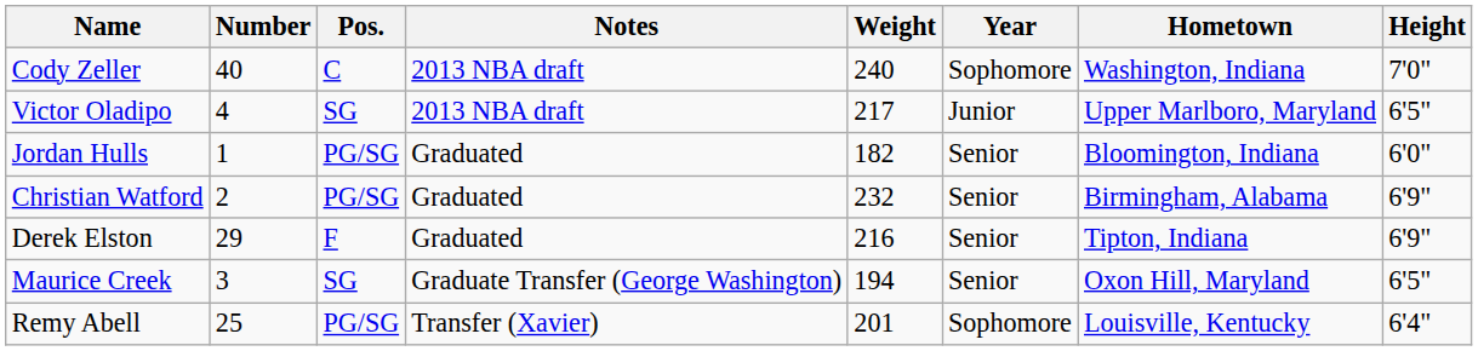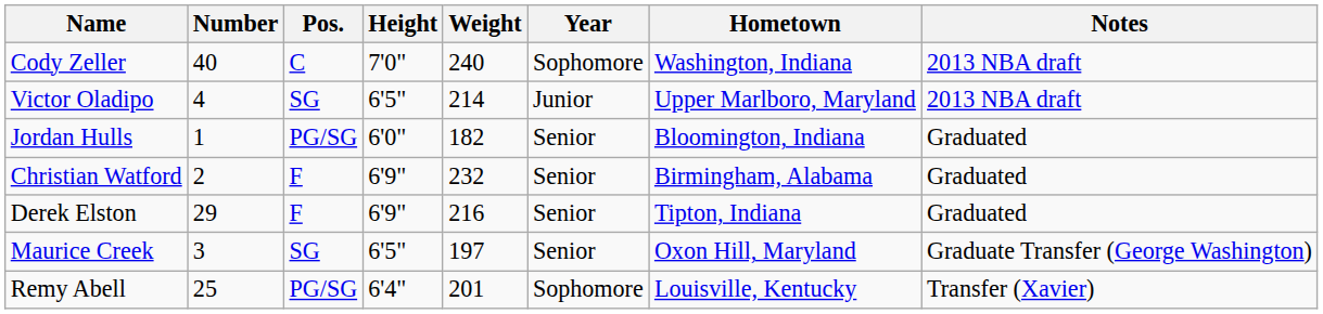 <table class="wikitable sortable" border="1">
 <tr align=center>
 <th>Name</th>
 <th>Number</th>
 <th>Pos.</th>
-<th>Notes</th>
+<th>Height</th>
 <th>Weight</th>
 <th>Year</th>
 <th>Hometown</th>
-<th>Height</th>
+<th>Notes</th>
 </tr>
 <tr>
 <td sortname><a href='#'>Cody Zeller</a></td>
 <td>40</td>
 <td><a href='#'>C</a></td>
-<td><a href='#'>2013 NBA draft</a></td>
+<td>7'0"</td>
 <td>240</td>
 <td>Sophomore</td>
 <td><a href='#'>Washington, Indiana</a></td>
-<td>7'0"</td>
+<td><a href='#'>2013 NBA draft</a></td>
 </tr>
 <tr>
 <td sortname><a href='#'>Victor Oladipo</a></td>
 <td>4</td>
 <td><a href='#'>SG</a></td>
-<td><a href='#'>2013 NBA draft</a></td>
-<td>217</td>
+<td>6'5"</td>
+<td>214</td>
 <td>Junior</td>
 <td><a href='#'>Upper Marlboro, Maryland</a></td>
-<td>6'5"</td>
+<td><a href='#'>2013 NBA draft</a></td>
 </tr>
 <tr>
 <td sortname><a href='#'>Jordan Hulls</a></td>
 <td>1</td>
 <td><a href='#'>PG/SG</a></td>
-<td>Graduated</td>
+<td>6'0"</td>
 <td>182</td>
 <td>Senior</td>
 <td><a href='#'>Bloomington, Indiana</a></td>
-<td>6'0"</td>
+<td>Graduated</td>
 </tr>
 <tr>
 <td sortname><a href='#'>Christian Watford</a></td>
 <td>2</td>
-<td><a href='#'>PG/SG</a></td>
-<td>Graduated</td>
+<td><a href='#'>F</a></td>
+<td>6'9"</td>
 <td>232</td>
 <td>Senior</td>
 <td><a href='#'>Birmingham, Alabama</a></td>
-<td>6'9"</td>
+<td>Graduated</td>
 </tr>
 <tr>
 <td sortname>Derek Elston</td>
 <td>29</td>
 <td><a href='#'>F</a></td>
-<td>Graduated</td>
+<td>6'9"</td>
 <td>216</td>
 <td>Senior</td>
 <td><a href='#'>Tipton, Indiana</a></td>
-<td>6'9"</td>
+<td>Graduated</td>
 </tr>
 <tr>
 <td sortname><a href='#'>Maurice Creek</a></td>
 <td>3</td>
 <td><a href='#'>SG</a></td>
-<td>Graduate Transfer (<a href='#'>George Washington</a>)</td>
-<td>194</td>
+<td>6'5"</td>
+<td>197</td>
 <td>Senior</td>
 <td><a href='#'>Oxon Hill, Maryland</a></td>
-<td>6'5"</td>
+<td>Graduate Transfer (<a href='#'>George Washington</a>)</td>
 </tr>
 <tr>
 <td sortname>Remy Abell</td>
 <td>25</td>
 <td><a href='#'>PG/SG</a></td>
-<td>Transfer (<a href='#'>Xavier</a>)</td>
+<td>6'4"</td>
 <td>201</td>
 <td>Sophomore</td>
 <td><a href='#'>Louisville, Kentucky</a></td>
-<td>6'4"</td>
+<td>Transfer (<a href='#'>Xavier</a>)</td>
 </tr>
 </table>
